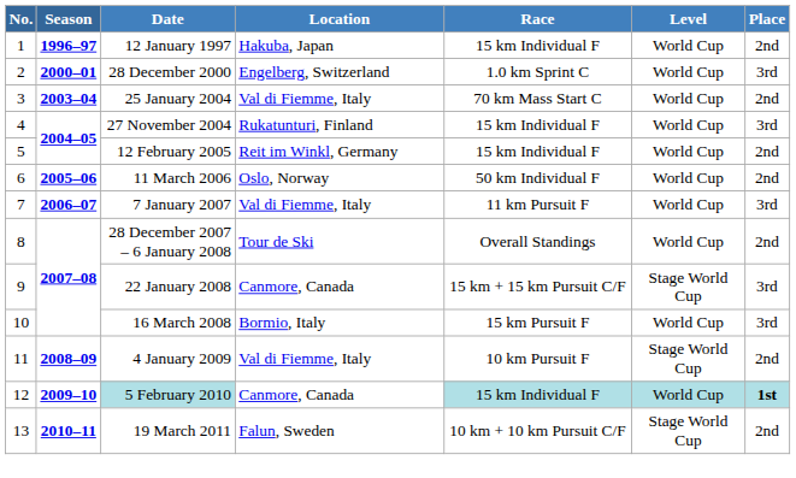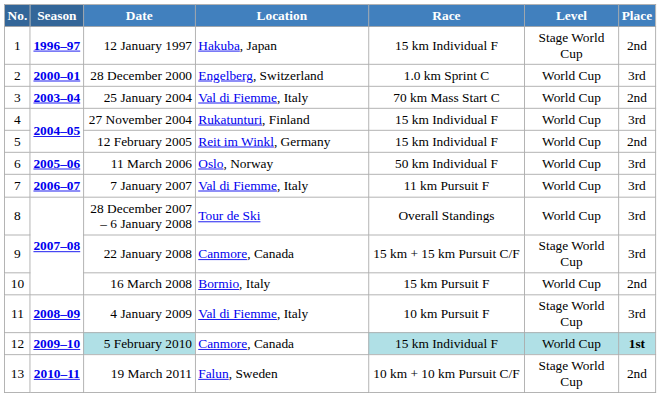 <table class="wikitable sortable" style="font-size:95%; text-align:center; border:grey solid 1px; border-collapse:collapse; background:#ffffff;">
 <tr style="background:#efefef;">
 <th style="background-color:#369; color:white;">No.</th>
 <th style="background-color:#369; color:white;">Season</th>
 <th style="background-color:#4180be; color:white; width:120px;">Date</th>
 <th style="background-color:#4180be; color:white; width:190px;">Location</th>
 <th style="background-color:#4180be; color:white; width:170px;">Race</th>
 <th style="background-color:#4180be; color:white; width:100px;">Level</th>
 <th style="background-color:#4180be; color:white;">Place</th>
 </tr>
 <tr>
 <td align=center>1</td>
 <td rowspan=1 align=center><strong><a href='#'>1996–97</a></strong></td>
 <td align=right>12 January 1997</td>
 <td align=left> <a href='#'>Hakuba</a>, Japan</td>
 <td>15 km Individual F</td>
-<td>World Cup</td>
+<td>Stage World Cup</td>
 <td>2nd</td>
 </tr>
 <tr>
 <td align=center>2</td>
 <td rowspan=1 align=center><strong><a href='#'>2000–01</a></strong></td>
 <td align=right>28 December 2000</td>
 <td align=left> <a href='#'>Engelberg</a>, Switzerland</td>
 <td>1.0 km Sprint C</td>
 <td>World Cup</td>
 <td>3rd</td>
 </tr>
 <tr>
 <td align=center>3</td>
 <td rowspan=1 align=center><strong><a href='#'>2003–04</a></strong></td>
 <td align=right>25 January 2004</td>
 <td align=left> <a href='#'>Val di Fiemme</a>, Italy</td>
 <td>70 km Mass Start C</td>
 <td>World Cup</td>
 <td>2nd</td>
 </tr>
 <tr>
 <td align=center>4</td>
 <td rowspan=2 align=center><strong><a href='#'>2004–05</a></strong></td>
 <td align=right>27 November 2004</td>
 <td align=left> <a href='#'>Rukatunturi</a>, Finland</td>
 <td>15 km Individual F</td>
 <td>World Cup</td>
 <td>3rd</td>
 </tr>
 <tr>
 <td align=center>5</td>
 <td align=right>12 February 2005</td>
 <td align=left> <a href='#'>Reit im Winkl</a>, Germany</td>
 <td>15 km Individual F</td>
 <td>World Cup</td>
 <td>2nd</td>
 </tr>
 <tr>
 <td align=center>6</td>
 <td rowspan=1 align=center><strong><a href='#'>2005–06</a></strong></td>
 <td align=right>11 March 2006</td>
 <td align=left> <a href='#'>Oslo</a>, Norway</td>
 <td>50 km Individual F</td>
 <td>World Cup</td>
-<td>2nd</td>
+<td>3rd</td>
 </tr>
 <tr>
 <td align=center>7</td>
 <td rowspan=1 align=center><strong><a href='#'>2006–07</a></strong></td>
 <td align=right>7 January 2007</td>
 <td align=left> <a href='#'>Val di Fiemme</a>, Italy</td>
 <td>11 km Pursuit F</td>
 <td>World Cup</td>
 <td>3rd</td>
 </tr>
 <tr>
 <td align=center>8</td>
 <td rowspan=3 align=center><strong><a href='#'>2007–08</a></strong></td>
 <td align=right>28 December 2007<br> – 6 January 2008</td>
 <td align=left> <a href='#'>Tour de Ski</a></td>
 <td>Overall Standings</td>
 <td>World Cup</td>
-<td>2nd</td>
+<td>3rd</td>
 </tr>
 <tr>
 <td align=center>9</td>
 <td align=right>22 January 2008</td>
 <td align=left> <a href='#'>Canmore</a>, Canada</td>
 <td>15 km + 15 km Pursuit C/F</td>
 <td>Stage World Cup</td>
 <td>3rd</td>
 </tr>
 <tr>
 <td align=center>10</td>
 <td align=right>16 March 2008</td>
 <td align=left> <a href='#'>Bormio</a>, Italy</td>
 <td>15 km Pursuit F</td>
 <td>World Cup</td>
-<td>3rd</td>
+<td>2nd</td>
 </tr>
 <tr>
 <td align=center>11</td>
 <td rowspan=1 align=center><strong><a href='#'>2008–09</a></strong></td>
 <td align=right>4 January 2009</td>
 <td align=left> <a href='#'>Val di Fiemme</a>, Italy</td>
 <td>10 km Pursuit F</td>
 <td>Stage World Cup</td>
-<td>2nd</td>
+<td>3rd</td>
 </tr>
 <tr>
 <td align=center>12</td>
 <td rowspan=1 align=center><strong><a href='#'>2009–10</a></strong></td>
 <td bgcolor="#BOEOE6" align=right>5 February 2010</td>
 <td align=left> <a href='#'>Canmore</a>, Canada</td>
 <td bgcolor="#BOEOE6">15 km Individual F</td>
 <td bgcolor="#BOEOE6">World Cup</td>
 <td bgcolor="#BOEOE6"><strong>1st</strong></td>
 </tr>
 <tr>
 <td align=center>13</td>
 <td rowspan=1 align=center><strong><a href='#'>2010–11</a></strong></td>
 <td align=right>19 March 2011</td>
 <td align=left> <a href='#'>Falun</a>, Sweden</td>
 <td>10 km + 10 km Pursuit C/F</td>
 <td>Stage World Cup</td>
 <td>2nd</td>
 </tr>
 </table>
